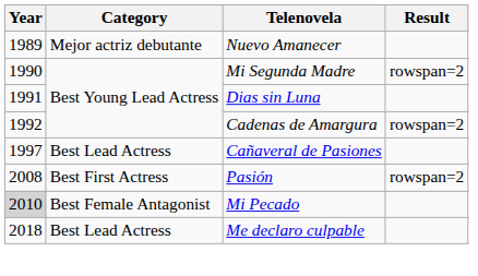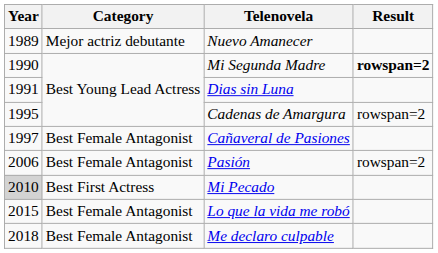 <table class="wikitable">
 <tr>
 <th>Year</th>
 <th>Category</th>
 <th>Telenovela</th>
 <th>Result</th>
 </tr>
 <tr>
 <td>1989</td>
 <td>Mejor actriz debutante</td>
 <td><em>Nuevo Amanecer</em></td>
 <td></td>
 </tr>
 <tr>
 <td>1990</td>
 <td rowspan=3>Best Young Lead Actress</td>
 <td><em>Mi Segunda Madre</em></td>
-<td>rowspan=2 </td>
+<td><strong>rowspan=2 </strong></td>
 </tr>
 <tr>
 <td>1991</td>
 <td><em><a href='#'>Dias sin Luna</a></em></td>
 </tr>
 <tr>
-<td>1992</td>
+<td>1995</td>
 <td><em>Cadenas de Amargura</em></td>
 <td>rowspan=2 </td>
 </tr>
 <tr>
 <td>1997</td>
-<td>Best Lead Actress</td>
+<td>Best Female Antagonist</td>
 <td><em><a href='#'>Cañaveral de Pasiones</a></em></td>
 </tr>
 <tr>
-<td>2008</td>
-<td>Best First Actress</td>
+<td>2006</td>
+<td>Best Female Antagonist</td>
 <td><em><a href='#'>Pasión</a></em></td>
 <td>rowspan=2 </td>
 </tr>
 <tr>
 <td style="background: lightgrey;">2010</td>
-<td>Best Female Antagonist</td>
+<td>Best First Actress</td>
 <td><em><a href='#'>Mi Pecado</a></em></td>
 </tr>
 <tr>
+<td>2015</td>
+<td>Best Female Antagonist</td>
+<td><em><a href='#'>Lo que la vida me robó</a></em></td>
+<td></td>
+</tr>
+<tr>
 <td>2018</td>
-<td>Best Lead Actress</td>
+<td>Best Female Antagonist</td>
 <td><em><a href='#'>Me declaro culpable</a></em></td>
 <td></td>
 </tr>
 </table>
